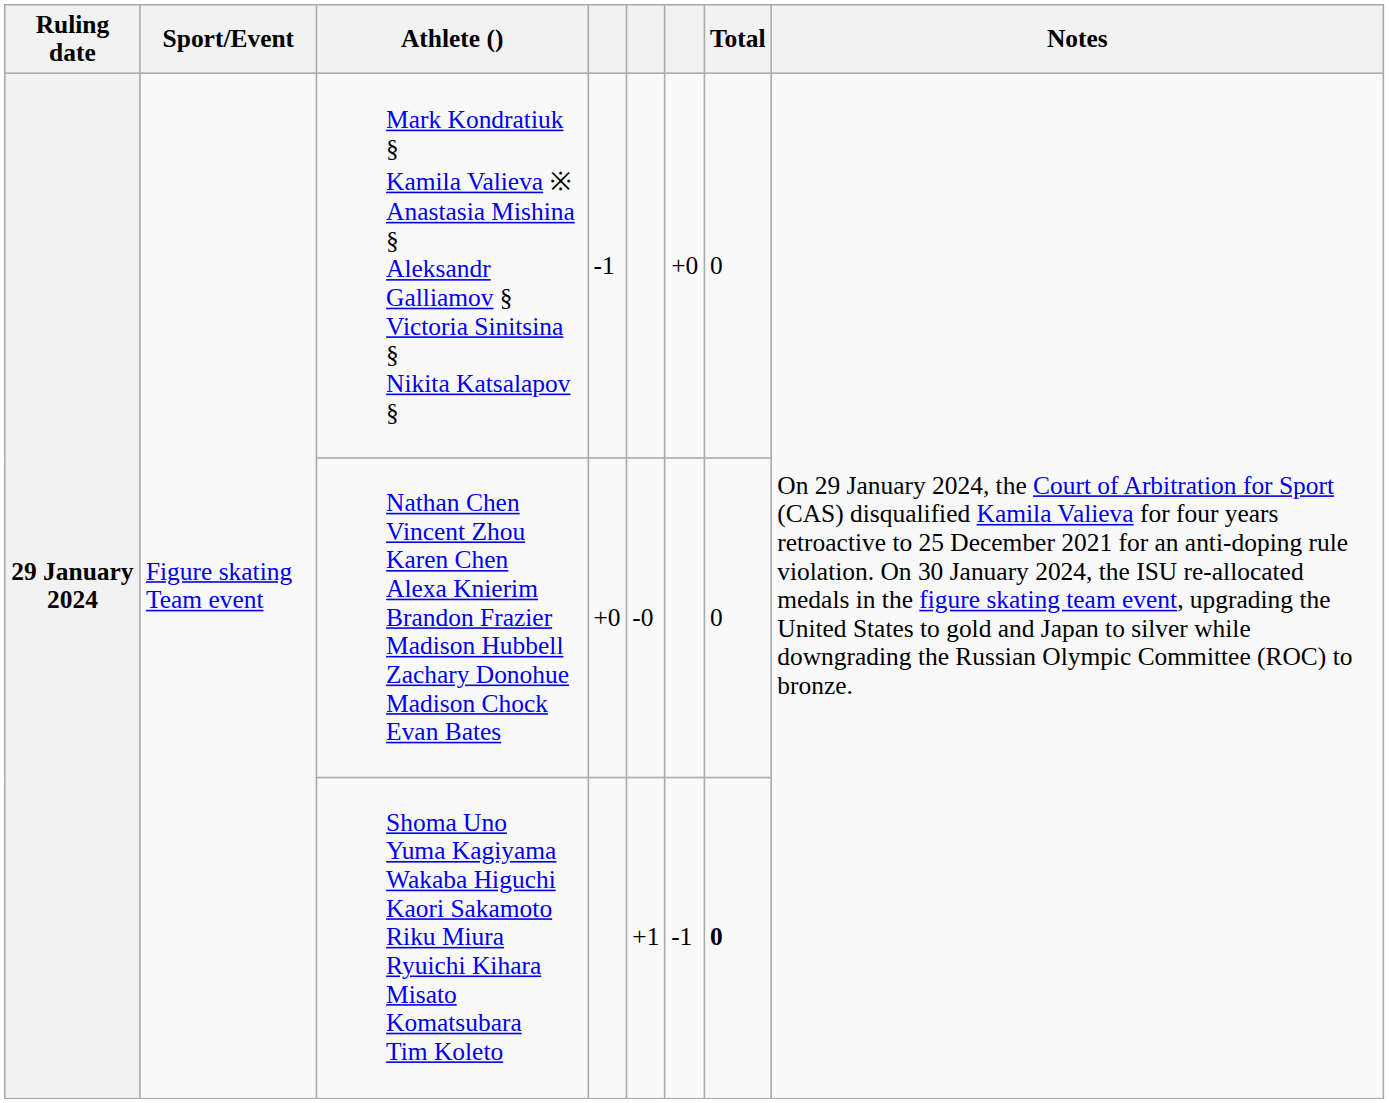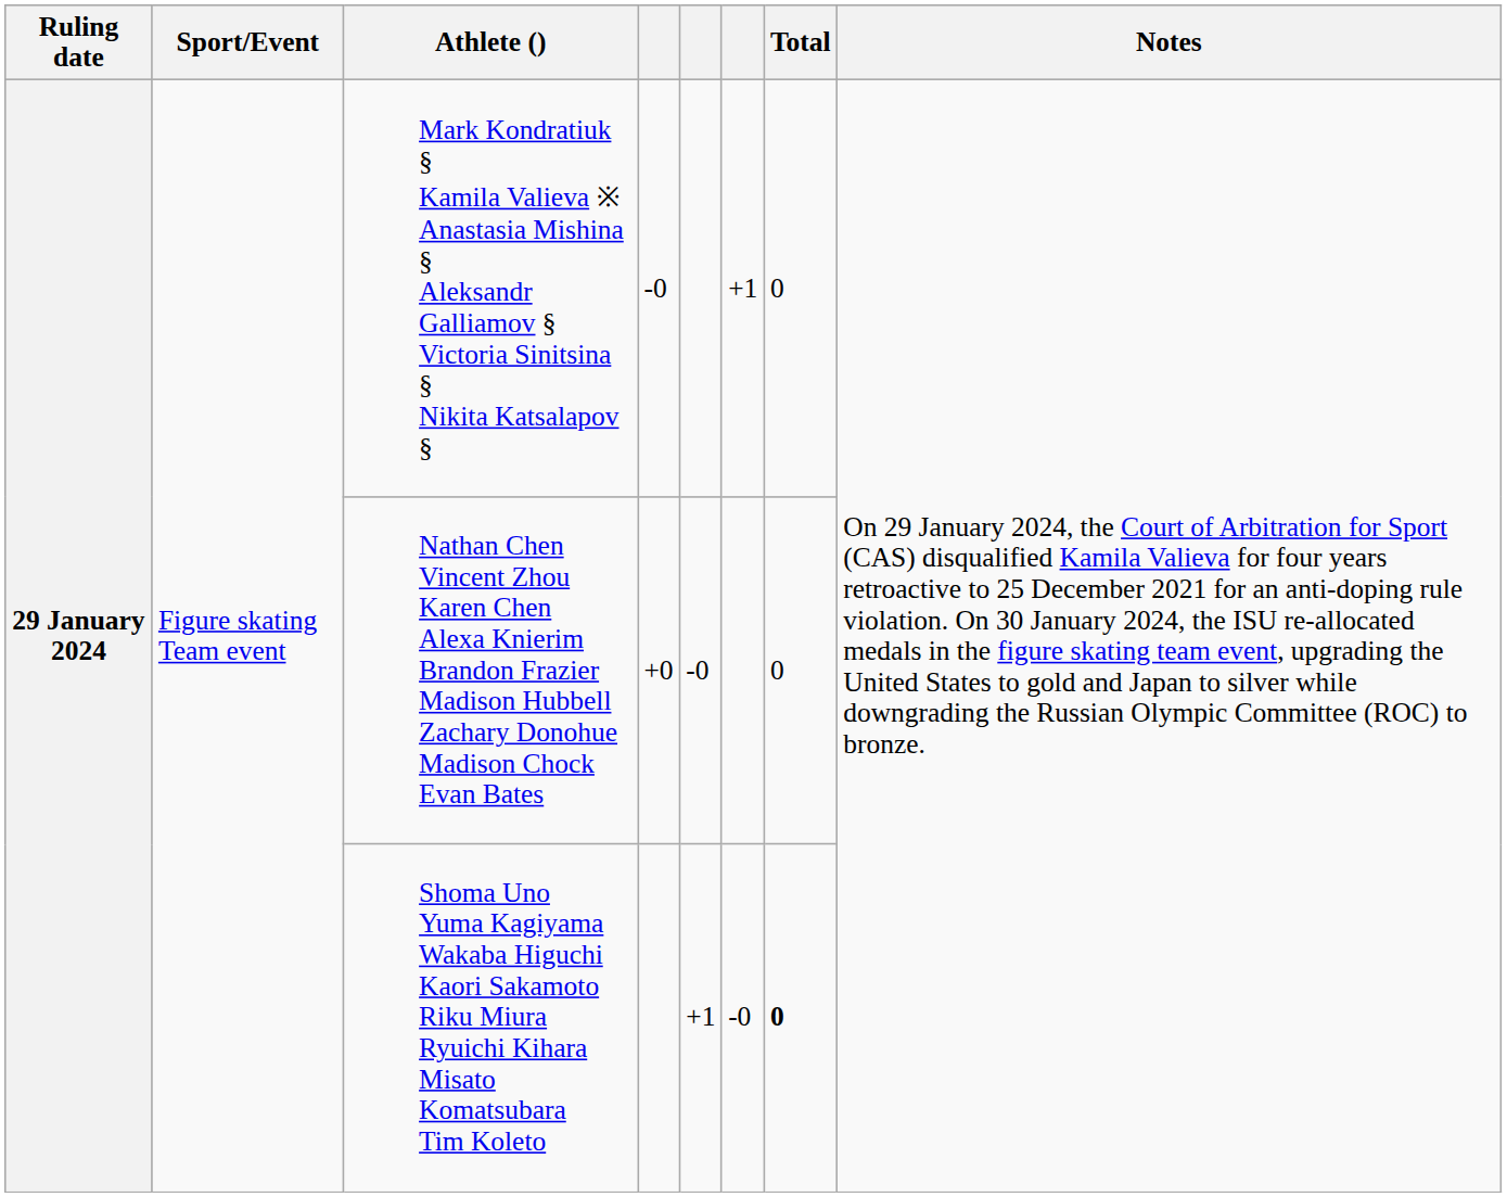 <table class="wikitable plainrowheaders">
 <tr>
 <th scope="col" align="center" style="width:10%">Ruling date</th>
 <th scope="col" align="center" style="width:13%">Sport/Event</th>
 <th scope="col" align="center" style="width:20%">Athlete ()</th>
 <th scope="col" align="center" style="width:2%"></th>
 <th scope="col" align="center" style="width:2%"></th>
 <th scope="col" align="center" style="width:2%"></th>
 <th scope="col" align="center" style="width:4%">Total</th>
 <th scope="col" align="center" class="unsortable" style="width:50%">Notes</th>
 </tr>
 <tr>
 <th scope="row" rowspan=3>29 January 2024</th>
 <td rowspan=3><a href='#'>Figure skating</a><br><a href='#'>Team event</a></td>
 <td style="width:10px; text-align:left;"><dl><dd><span><a href='#'>Mark Kondratiuk</a> §<br><a href='#'><span>Kamila Valieva</span></a> ※<br><a href='#'>Anastasia Mishina</a> §<br><a href='#'>Aleksandr Galliamov</a> §<br><a href='#'>Victoria Sinitsina</a> §<br><a href='#'>Nikita Katsalapov</a> §</span></dd></dl></td>
-<td>-1</td>
+<td>-0</td>
 <td></td>
-<td>+0</td>
+<td>+1</td>
 <td>0</td>
 <td rowspan=3 style="text-align:left;">On 29 January 2024, the <a href='#'>Court of Arbitration for Sport</a> (CAS) disqualified <a href='#'>Kamila Valieva</a> for four years retroactive to 25 December 2021 for an anti-doping rule violation. On 30 January 2024, the ISU re-allocated medals in the <a href='#'>figure skating team event</a>, upgrading the United States to gold and Japan to silver while downgrading the Russian Olympic Committee (ROC) to bronze.</td>
 </tr>
 <tr>
 <td align=left><dl><dd><span><a href='#'>Nathan Chen</a><br><a href='#'>Vincent Zhou</a><br><a href='#'>Karen Chen</a><br><a href='#'>Alexa Knierim</a><br><a href='#'>Brandon Frazier</a><br><a href='#'>Madison Hubbell</a><br><a href='#'>Zachary Donohue</a><br><a href='#'>Madison Chock</a><br><a href='#'>Evan Bates</a></span></dd></dl></td>
 <td>+0</td>
 <td>-0</td>
 <td></td>
 <td>0</td>
 </tr>
 <tr>
 <td align=left><dl><dd><span><a href='#'>Shoma Uno</a><br><a href='#'>Yuma Kagiyama</a><br><a href='#'>Wakaba Higuchi</a><br><a href='#'>Kaori Sakamoto</a><br><a href='#'>Riku Miura</a><br><a href='#'>Ryuichi Kihara</a><br><a href='#'>Misato Komatsubara</a><br><a href='#'>Tim Koleto</a></span></dd></dl></td>
 <td></td>
 <td>+1</td>
-<td>-1</td>
+<td>-0</td>
 <td><strong>0</strong></td>
 </tr>
 </table>
